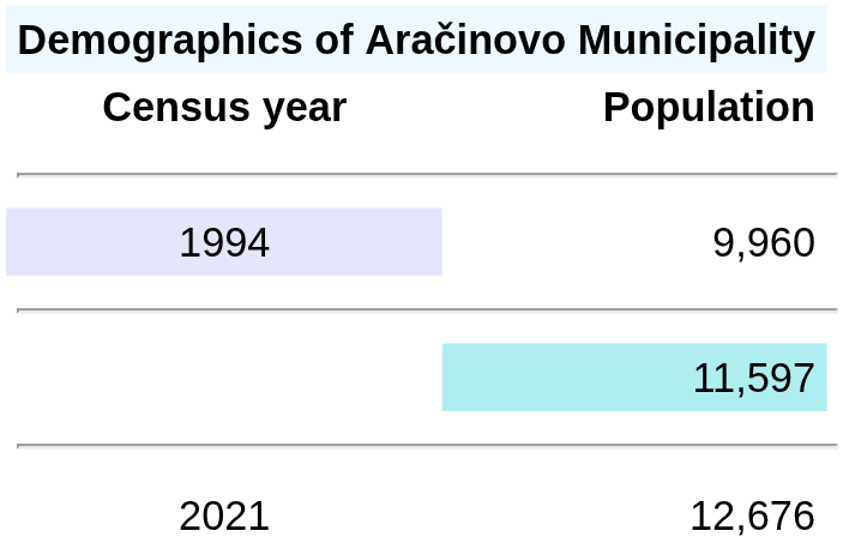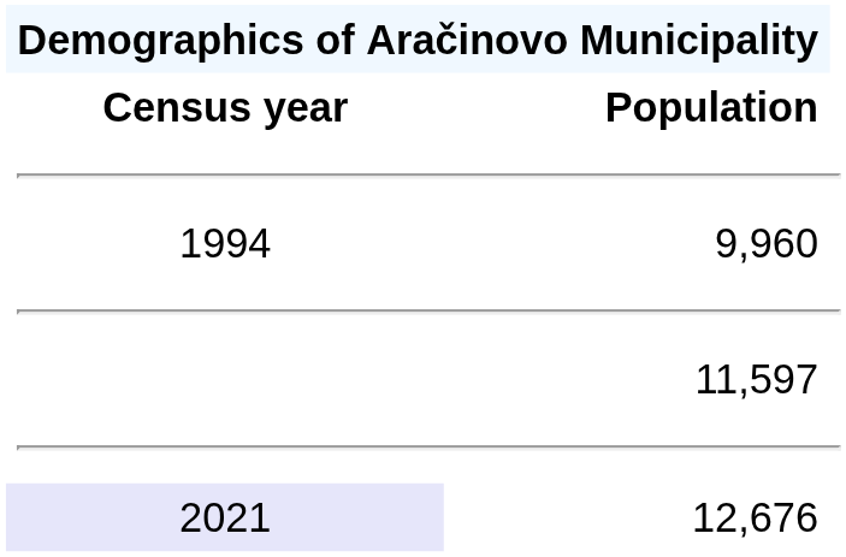 <table class="toccolours" align="center" cellpadding="4" cellspacing="0" style="margin:0 0 1em 1em; font-size: 95%;">
 <tr>
 <th colspan=2 bgcolor="#F0F8FF" align="center">Demographics of <strong>Aračinovo Municipality</strong></th>
 <th></th>
 </tr>
 <tr>
 <th align="center">Census year</th>
 <th align="right">Population</th>
 </tr>
 <tr>
 <td colspan=3><hr></td>
 </tr>
 <tr>
-<td align="center" style="background: lavender;">1994</td>
+<td align="center">1994</td>
 <td align="right">9,960</td>
 </tr>
 <tr>
 <td colspan=3><hr></td>
 </tr>
 <tr>
 <td align="center"></td>
-<td align="right" style="background: paleturquoise;">11,597</td>
+<td align="right">11,597</td>
 </tr>
 <tr>
 <td colspan=3><hr></td>
 </tr>
 <tr>
-<td align="center">2021</td>
+<td align="center" style="background: lavender;">2021</td>
 <td align="right">12,676</td>
 </tr>
 <tr>
 <td></td>
 </tr>
 </table>
